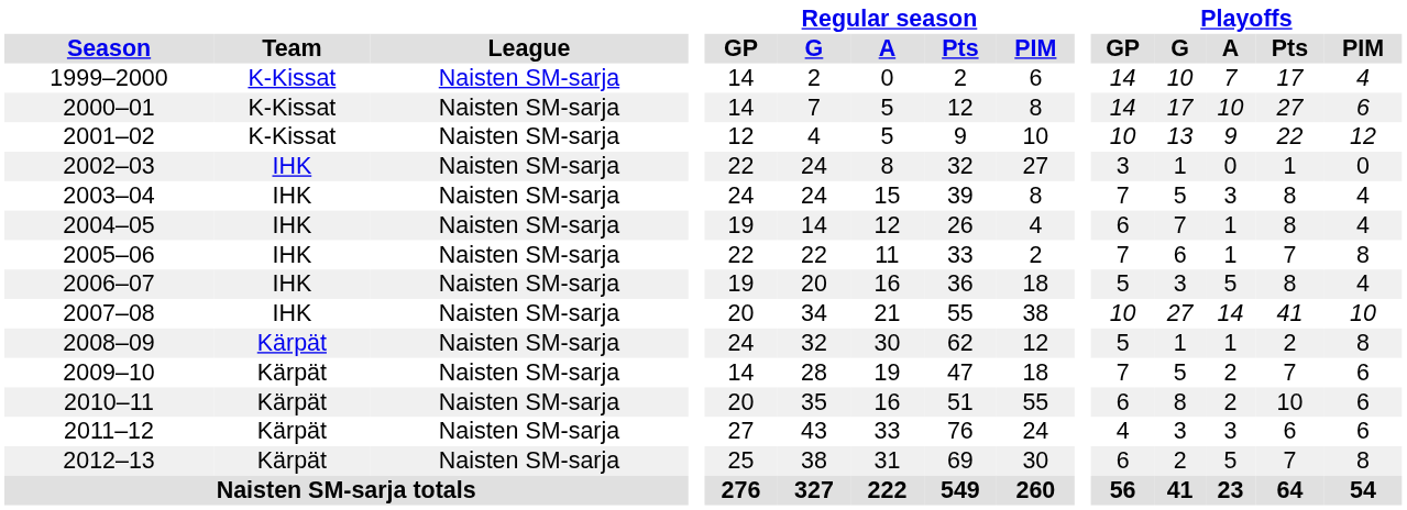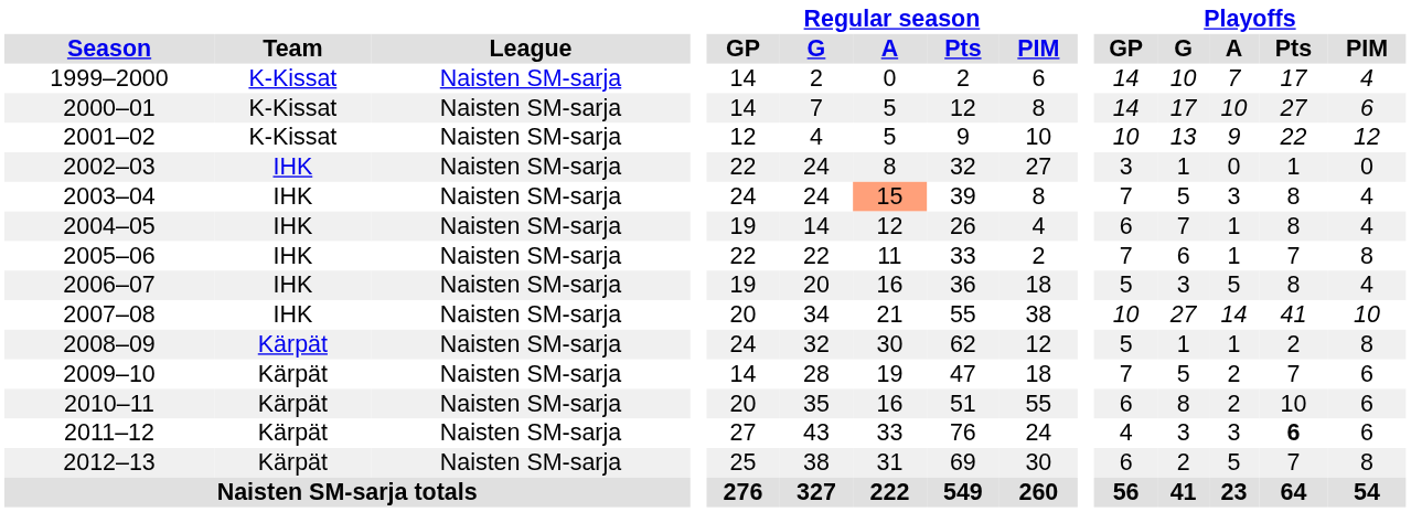 <table border="0" cellpadding="1" cellspacing="0" width="75%" style="text-align:center">
 <tr>
 <th colspan="3" bgcolor="#ffffff"> </th>
 <th rowspan="93" bgcolor="#ffffff"> </th>
 <th colspan="5"><a href='#'>Regular season</a></th>
 <th rowspan="93" bgcolor="#ffffff"> </th>
 <th colspan="5"><a href='#'>Playoffs</a></th>
 </tr>
 <tr bgcolor="#e0e0e0">
 <th><a href='#'>Season</a></th>
 <th>Team</th>
 <th>League</th>
 <th>GP</th>
 <th><a href='#'>G</a></th>
 <th><a href='#'>A</a></th>
 <th><a href='#'>Pts</a></th>
 <th><a href='#'>PIM</a></th>
 <th>GP</th>
 <th>G</th>
 <th>A</th>
 <th>Pts</th>
 <th>PIM</th>
 </tr>
 <tr>
 <td>1999–2000</td>
 <td><a href='#'>K-Kissat</a></td>
 <td><a href='#'>Naisten SM-sarja</a></td>
 <td>14</td>
 <td>2</td>
 <td>0</td>
 <td>2</td>
 <td>6</td>
 <td><em>14</em></td>
 <td><em>10</em></td>
 <td><em>7</em></td>
 <td><em>17</em></td>
 <td><em>4</em></td>
 </tr>
 <tr bgcolor="#f0f0f0">
 <td>2000–01</td>
 <td>K-Kissat</td>
 <td>Naisten SM-sarja</td>
 <td>14</td>
 <td>7</td>
 <td>5</td>
 <td>12</td>
 <td>8</td>
 <td><em>14</em></td>
 <td><em>17</em></td>
 <td><em>10</em></td>
 <td><em>27</em></td>
 <td><em>6</em></td>
 </tr>
 <tr>
 <td>2001–02</td>
 <td>K-Kissat</td>
 <td>Naisten SM-sarja</td>
 <td>12</td>
 <td>4</td>
 <td>5</td>
 <td>9</td>
 <td>10</td>
 <td><em>10</em></td>
 <td><em>13</em></td>
 <td><em>9</em></td>
 <td><em>22</em></td>
 <td><em>12</em></td>
 </tr>
 <tr bgcolor="#f0f0f0">
 <td>2002–03</td>
 <td><a href='#'>IHK</a></td>
 <td>Naisten SM-sarja</td>
 <td>22</td>
 <td>24</td>
 <td>8</td>
 <td>32</td>
 <td>27</td>
 <td>3</td>
 <td>1</td>
 <td>0</td>
 <td>1</td>
 <td>0</td>
 </tr>
 <tr>
 <td>2003–04</td>
 <td>IHK</td>
 <td>Naisten SM-sarja</td>
 <td>24</td>
 <td>24</td>
-<td>15</td>
+<td style="background: lightsalmon;">15</td>
 <td>39</td>
 <td>8</td>
 <td>7</td>
 <td>5</td>
 <td>3</td>
 <td>8</td>
 <td>4</td>
 </tr>
 <tr bgcolor="#f0f0f0">
 <td>2004–05</td>
 <td>IHK</td>
 <td>Naisten SM-sarja</td>
 <td>19</td>
 <td>14</td>
 <td>12</td>
 <td>26</td>
 <td>4</td>
 <td>6</td>
 <td>7</td>
 <td>1</td>
 <td>8</td>
 <td>4</td>
 </tr>
 <tr>
 <td>2005–06</td>
 <td>IHK</td>
 <td>Naisten SM-sarja</td>
 <td>22</td>
 <td>22</td>
 <td>11</td>
 <td>33</td>
 <td>2</td>
 <td>7</td>
 <td>6</td>
 <td>1</td>
 <td>7</td>
 <td>8</td>
 </tr>
 <tr bgcolor="#f0f0f0">
 <td>2006–07</td>
 <td>IHK</td>
 <td>Naisten SM-sarja</td>
 <td>19</td>
 <td>20</td>
 <td>16</td>
 <td>36</td>
 <td>18</td>
 <td>5</td>
 <td>3</td>
 <td>5</td>
 <td>8</td>
 <td>4</td>
 </tr>
 <tr>
 <td>2007–08</td>
 <td>IHK</td>
 <td>Naisten SM-sarja</td>
 <td>20</td>
 <td>34</td>
 <td>21</td>
 <td>55</td>
 <td>38</td>
 <td><em>10</em></td>
 <td><em>27</em></td>
 <td><em>14</em></td>
 <td><em>41</em></td>
 <td><em>10</em></td>
 </tr>
 <tr bgcolor="#f0f0f0">
 <td>2008–09</td>
 <td><a href='#'>Kärpät</a></td>
 <td>Naisten SM-sarja</td>
 <td>24</td>
 <td>32</td>
 <td>30</td>
 <td>62</td>
 <td>12</td>
 <td>5</td>
 <td>1</td>
 <td>1</td>
 <td>2</td>
 <td>8</td>
 </tr>
 <tr>
 <td>2009–10</td>
 <td>Kärpät</td>
 <td>Naisten SM-sarja</td>
 <td>14</td>
 <td>28</td>
 <td>19</td>
 <td>47</td>
 <td>18</td>
 <td>7</td>
 <td>5</td>
 <td>2</td>
 <td>7</td>
 <td>6</td>
 </tr>
 <tr bgcolor="#f0f0f0">
 <td>2010–11</td>
 <td>Kärpät</td>
 <td>Naisten SM-sarja</td>
 <td>20</td>
 <td>35</td>
 <td>16</td>
 <td>51</td>
 <td>55</td>
 <td>6</td>
 <td>8</td>
 <td>2</td>
 <td>10</td>
 <td>6</td>
 </tr>
 <tr>
 <td>2011–12</td>
 <td>Kärpät</td>
 <td>Naisten SM-sarja</td>
 <td>27</td>
 <td>43</td>
 <td>33</td>
 <td>76</td>
 <td>24</td>
 <td>4</td>
 <td>3</td>
 <td>3</td>
-<td>6</td>
+<td><strong>6</strong></td>
 <td>6</td>
 </tr>
 <tr bgcolor="#f0f0f0">
 <td>2012–13</td>
 <td>Kärpät</td>
 <td>Naisten SM-sarja</td>
 <td>25</td>
 <td>38</td>
 <td>31</td>
 <td>69</td>
 <td>30</td>
 <td>6</td>
 <td>2</td>
 <td>5</td>
 <td>7</td>
 <td>8</td>
 </tr>
 <tr bgcolor="#e0e0e0">
 <th colspan="3">Naisten SM-sarja totals</th>
 <th>276</th>
 <th>327</th>
 <th>222</th>
 <th>549</th>
 <th>260</th>
 <th>56</th>
 <th>41</th>
 <th>23</th>
 <th>64</th>
 <th>54</th>
 </tr>
 </table>
